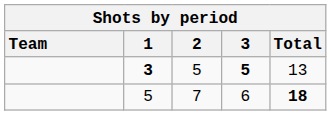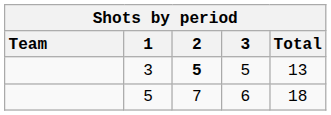 <table class="wikitable" style="width:20em; text-align:right;">
 <tr>
 <th colspan="6">Shots by period</th>
 </tr>
 <tr>
 <th style="width:8em; text-align:left;">Team</th>
 <th style="width:3em;">1</th>
 <th style="width:3em;">2</th>
 <th style="width:3em;">3</th>
 <th style="width:3em;">Total</th>
 </tr>
 <tr>
 <td style="text-align:left;"></td>
-<td style="text-align:center;"><strong>3</strong></td>
+<td style="text-align:center;">3</td>
+<td style="text-align:center;"><strong>5</strong></td>
 <td style="text-align:center;">5</td>
-<td style="text-align:center;"><strong>5</strong></td>
 <td style="text-align:center;">13</td>
 </tr>
 <tr>
 <td style="text-align:left;"></td>
 <td style="text-align:center;">5</td>
 <td style="text-align:center;">7</td>
 <td style="text-align:center;">6</td>
-<td style="text-align:center;"><strong>18</strong></td>
+<td style="text-align:center;">18</td>
 </tr>
 </table>
